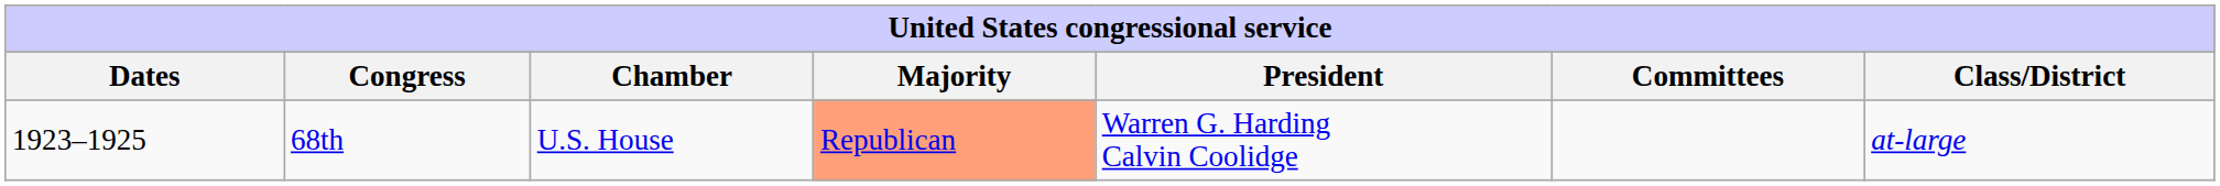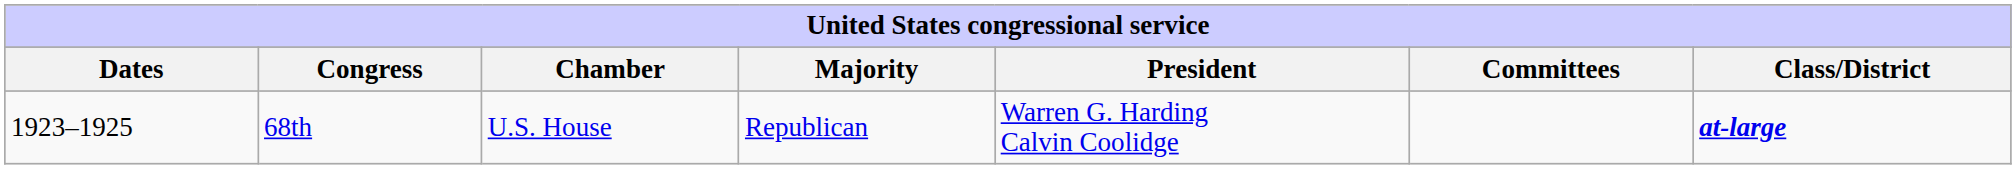 <table class=wikitable style="width: 94%" style="text-align: center;" align="center">
 <tr bgcolor=#cccccc>
 <th colspan=7 style="background: #ccccff;">United States congressional service</th>
 </tr>
 <tr>
 <th><strong>Dates</strong></th>
 <th><strong>Congress</strong></th>
 <th><strong>Chamber</strong></th>
 <th><strong>Majority</strong></th>
 <th><strong>President</strong></th>
 <th><strong>Committees</strong></th>
 <th><strong>Class/District</strong></th>
 </tr>
 <tr>
 <td>1923–1925</td>
 <td><a href='#'>68th</a></td>
 <td><a href='#'>U.S. House</a></td>
-<td style="background: lightsalmon;"><a href='#'>Republican</a></td>
+<td><a href='#'>Republican</a></td>
 <td><a href='#'>Warren G. Harding</a><br><a href='#'>Calvin Coolidge</a></td>
 <td></td>
-<td><a href='#'><em>at-large</em></a></td>
+<td><strong><a href='#'><em>at-large</em></a></strong></td>
 </tr>
 </table>
